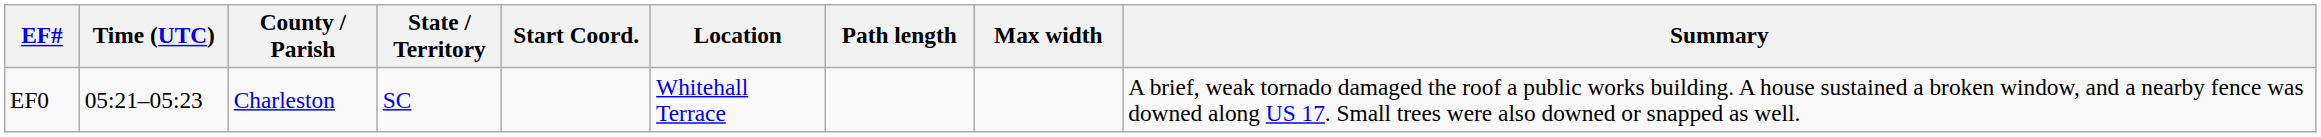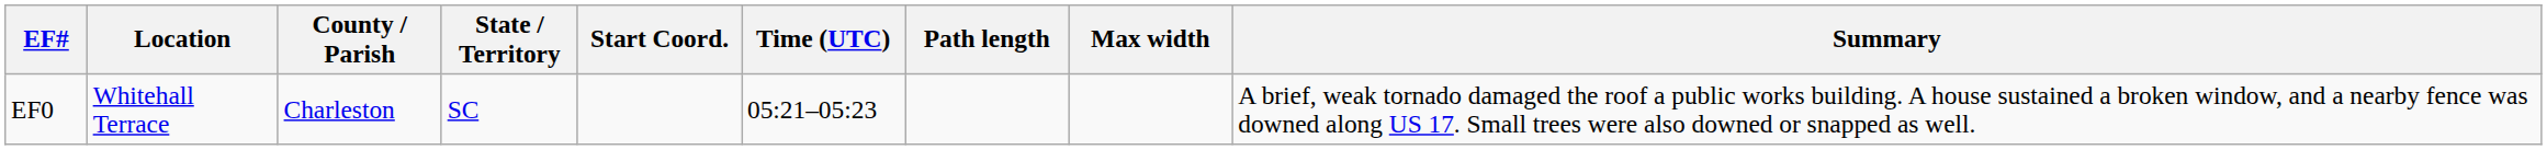 <table class="wikitable sortable" style="width:100%;">
 <tr>
 <th scope="col"  style="width:3%; text-align:center;"><a href='#'>EF#</a></th>
-<th scope="col"  style="width:6%; text-align:center;">Time (<a href='#'>UTC</a>)</th>
+<th scope="col"  style="width:7%; text-align:center;" class="unsortable">Location</th>
 <th scope="col"  style="width:6%; text-align:center;" class="unsortable">County / Parish</th>
 <th scope="col"  style="width:5%; text-align:center;">State / Territory</th>
 <th scope="col"  style="width:6%; text-align:center;">Start Coord.</th>
-<th scope="col"  style="width:7%; text-align:center;" class="unsortable">Location</th>
+<th scope="col"  style="width:6%; text-align:center;">Time (<a href='#'>UTC</a>)</th>
 <th scope="col"  style="width:6%; text-align:center;">Path length</th>
 <th scope="col"  style="width:6%; text-align:center;">Max width</th>
 <th scope="col" class="unsortable" style="width:48%; text-align:center;">Summary</th>
 </tr>
 <tr>
 <td>EF0</td>
-<td>05:21–05:23</td>
+<td><a href='#'>Whitehall Terrace</a></td>
 <td><a href='#'>Charleston</a></td>
 <td><a href='#'>SC</a></td>
 <td></td>
-<td><a href='#'>Whitehall Terrace</a></td>
+<td>05:21–05:23</td>
 <td></td>
 <td></td>
 <td>A brief, weak tornado damaged the roof a public works building. A house sustained a broken window, and a nearby fence was downed along <a href='#'>US 17</a>. Small trees were also downed or snapped as well.</td>
 </tr>
 </table>
